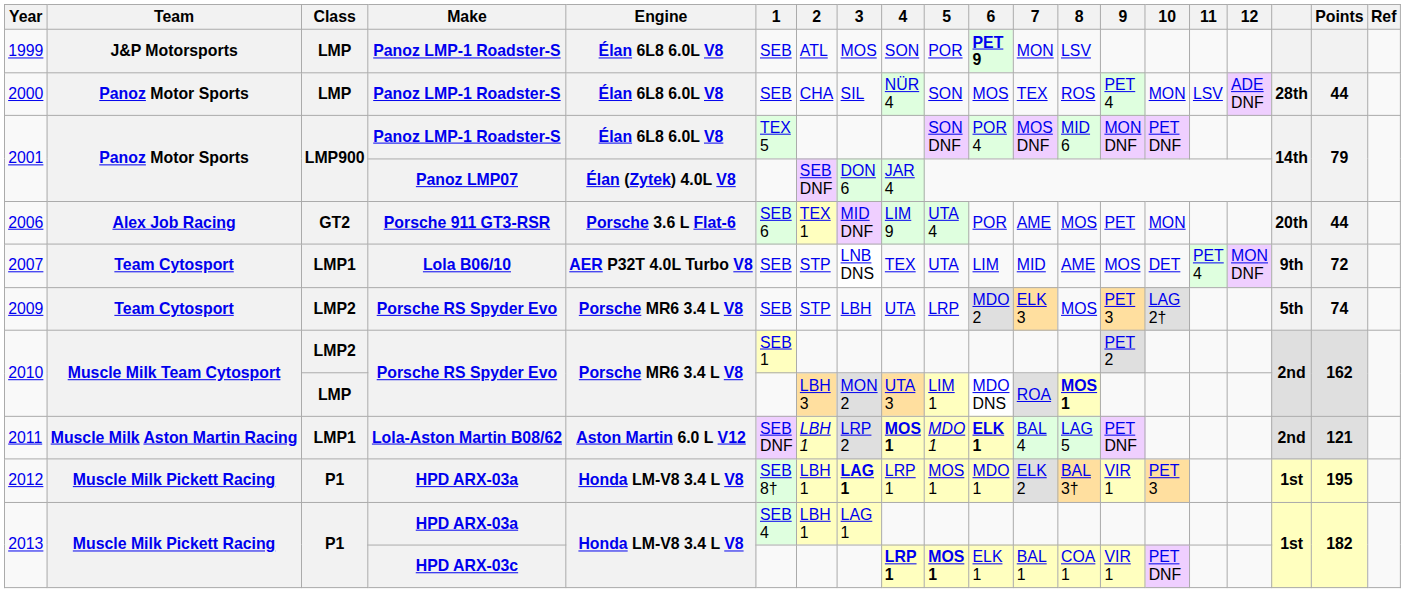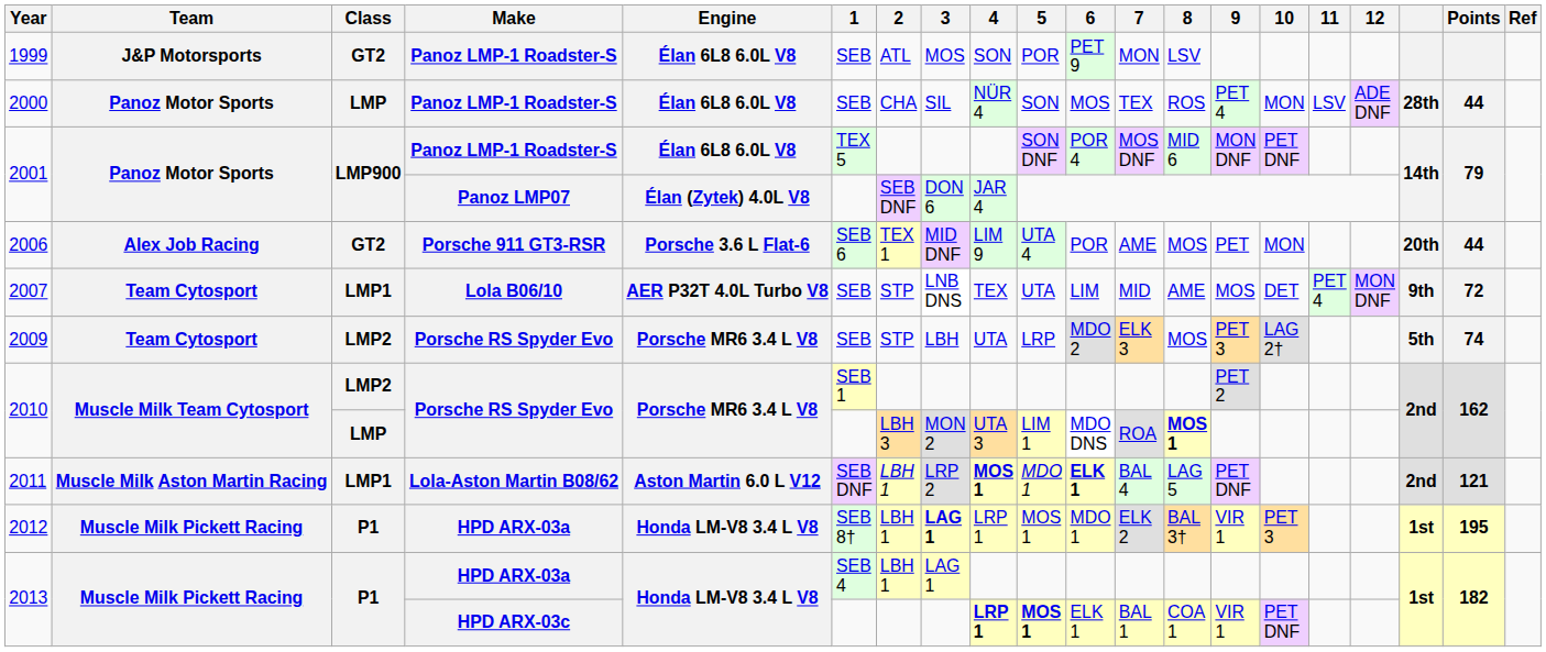 <table class="wikitable">
 <tr>
 <th>Year</th>
 <th>Team</th>
 <th>Class</th>
 <th>Make</th>
 <th>Engine</th>
 <th>1</th>
 <th>2</th>
 <th>3</th>
 <th>4</th>
 <th>5</th>
 <th>6</th>
 <th>7</th>
 <th>8</th>
 <th>9</th>
 <th>10</th>
 <th>11</th>
 <th>12</th>
 <th></th>
 <th>Points</th>
 <th>Ref</th>
 </tr>
 <tr>
 <td><a href='#'>1999</a></td>
 <th>J&P Motorsports</th>
-<th>LMP</th>
+<th>GT2</th>
 <th><a href='#'>Panoz LMP-1 Roadster-S</a></th>
 <th><a href='#'>Élan</a> 6L8 6.0L <a href='#'>V8</a></th>
 <td><a href='#'>SEB</a></td>
 <td><a href='#'>ATL</a></td>
 <td><a href='#'>MOS</a></td>
 <td><a href='#'>SON</a></td>
 <td><a href='#'>POR</a></td>
-<td style="background:#DFFFDF;"><strong><a href='#'>PET</a><br>9</strong></td>
+<td style="background:#DFFFDF;"><a href='#'>PET</a><br>9</td>
 <td><a href='#'>MON</a></td>
 <td><a href='#'>LSV</a></td>
 <td></td>
 <td></td>
 <td></td>
 <td></td>
 <th></th>
 <th></th>
 <td></td>
 </tr>
 <tr>
 <td><a href='#'>2000</a></td>
 <th><a href='#'>Panoz</a> Motor Sports</th>
 <th>LMP</th>
 <th><a href='#'>Panoz LMP-1 Roadster-S</a></th>
 <th><a href='#'>Élan</a> 6L8 6.0L <a href='#'>V8</a></th>
 <td><a href='#'>SEB</a></td>
 <td><a href='#'>CHA</a></td>
 <td><a href='#'>SIL</a></td>
 <td style="background:#DFFFDF;"><a href='#'>NÜR</a><br>4</td>
 <td><a href='#'>SON</a></td>
 <td><a href='#'>MOS</a></td>
 <td><a href='#'>TEX</a></td>
 <td><a href='#'>ROS</a></td>
 <td style="background:#DFFFDF;"><a href='#'>PET</a><br>4</td>
 <td><a href='#'>MON</a></td>
 <td><a href='#'>LSV</a></td>
 <td style="background:#EFCFFF;"><a href='#'>ADE</a><br>DNF</td>
 <th>28th</th>
 <th>44</th>
 <td></td>
 </tr>
 <tr>
 <td rowspan="2"><a href='#'>2001</a></td>
 <th rowspan="2"><a href='#'>Panoz</a> Motor Sports</th>
 <th rowspan=2>LMP900</th>
 <th><a href='#'>Panoz LMP-1 Roadster-S</a></th>
 <th><a href='#'>Élan</a> 6L8 6.0L <a href='#'>V8</a></th>
 <td style="background:#DFFFDF;"><a href='#'>TEX</a><br>5</td>
 <td></td>
 <td></td>
 <td></td>
 <td style="background:#EFCFFF;"><a href='#'>SON</a><br>DNF</td>
 <td style="background:#DFFFDF;"><a href='#'>POR</a><br>4</td>
 <td style="background:#EFCFFF;"><a href='#'>MOS</a><br>DNF</td>
 <td style="background:#DFFFDF;"><a href='#'>MID</a><br>6</td>
 <td style="background:#EFCFFF;"><a href='#'>MON</a><br>DNF</td>
 <td style="background:#EFCFFF;"><a href='#'>PET</a><br>DNF</td>
 <td></td>
 <td></td>
 <th rowspan=2>14th</th>
 <th rowspan=2>79</th>
 <td rowspan=2></td>
 </tr>
 <tr>
 <th><a href='#'>Panoz LMP07</a></th>
 <th><a href='#'>Élan</a> (<a href='#'>Zytek</a>) 4.0L <a href='#'>V8</a></th>
 <td></td>
 <td style="background:#EFCFFF;"><a href='#'>SEB</a><br>DNF</td>
 <td style="background:#DFFFDF;"><a href='#'>DON</a><br>6</td>
 <td style="background:#DFFFDF;"><a href='#'>JAR</a><br>4</td>
 </tr>
 <tr>
 <td><a href='#'>2006</a></td>
 <th><a href='#'>Alex Job Racing</a></th>
 <th>GT2</th>
 <th><a href='#'>Porsche 911 GT3-RSR</a></th>
 <th><a href='#'>Porsche</a> 3.6 L <a href='#'>Flat-6</a></th>
 <td style="background:#DFFFDF;"><a href='#'>SEB</a><br>6</td>
 <td style="background:#FFFFBF;”"><a href='#'>TEX</a><br>1</td>
 <td style="background:#EFCFFF;"><a href='#'>MID</a><br>DNF</td>
 <td style="background:#DFFFDF;"><a href='#'>LIM</a><br>9</td>
 <td style="background:#DFFFDF;"><a href='#'>UTA</a><br>4</td>
 <td><a href='#'>POR</a></td>
 <td><a href='#'>AME</a></td>
 <td><a href='#'>MOS</a></td>
 <td><a href='#'>PET</a></td>
 <td><a href='#'>MON</a></td>
 <td></td>
 <td></td>
 <th>20th</th>
 <th>44</th>
 <td></td>
 </tr>
 <tr>
 <td><a href='#'>2007</a></td>
 <th><a href='#'>Team Cytosport</a></th>
 <th>LMP1</th>
 <th><a href='#'>Lola B06/10</a></th>
 <th><a href='#'>AER</a> P32T 4.0L Turbo <a href='#'>V8</a></th>
 <td><a href='#'>SEB</a></td>
 <td><a href='#'>STP</a></td>
 <td style="background:#ffffff;”"><a href='#'>LNB</a><br>DNS</td>
 <td><a href='#'>TEX</a></td>
 <td><a href='#'>UTA</a></td>
 <td><a href='#'>LIM</a></td>
 <td><a href='#'>MID</a></td>
 <td><a href='#'>AME</a></td>
 <td><a href='#'>MOS</a></td>
 <td><a href='#'>DET</a></td>
 <td style="background:#DFFFDF;"><a href='#'>PET</a><br>4</td>
 <td style="background:#EFCFFF;"><a href='#'>MON</a><br>DNF</td>
 <th>9th</th>
 <th>72</th>
 <td></td>
 </tr>
 <tr>
 <td><a href='#'>2009</a></td>
 <th><a href='#'>Team Cytosport</a></th>
 <th>LMP2</th>
 <th><a href='#'>Porsche RS Spyder Evo</a></th>
 <th><a href='#'>Porsche</a> MR6 3.4 L <a href='#'>V8</a></th>
 <td><a href='#'>SEB</a></td>
 <td><a href='#'>STP</a></td>
 <td><a href='#'>LBH</a></td>
 <td><a href='#'>UTA</a></td>
 <td><a href='#'>LRP</a></td>
 <td style="background:#DFDFDF;”"><a href='#'>MDO</a><br>2</td>
 <td style="background:#FFDF9F;”"><a href='#'>ELK</a><br>3</td>
 <td><a href='#'>MOS</a></td>
 <td style="background:#FFDF9F;”"><a href='#'>PET</a><br>3</td>
 <td style="background:#DFDFDF;”"><a href='#'>LAG</a><br>2†</td>
 <td></td>
 <td></td>
 <th>5th</th>
 <th>74</th>
 <td></td>
 </tr>
 <tr>
 <td rowspan="2"><a href='#'>2010</a></td>
 <th rowspan="2"><a href='#'>Muscle Milk Team Cytosport</a></th>
 <th>LMP2</th>
 <th rowspan=2><a href='#'>Porsche RS Spyder Evo</a></th>
 <th rowspan=2><a href='#'>Porsche</a> MR6 3.4 L <a href='#'>V8</a></th>
 <td style="background:#FFFFBF;"><a href='#'>SEB</a><br>1</td>
 <td></td>
 <td></td>
 <td></td>
 <td></td>
 <td></td>
 <td></td>
 <td></td>
 <td style="background:#DFDFDF;"><a href='#'>PET</a><br>2</td>
 <td></td>
 <td></td>
 <td></td>
 <th rowspan=2 style="background:#DFDFDF;">2nd</th>
 <th rowspan=2 style="background:#DFDFDF;">162</th>
 <td rowspan=2></td>
 </tr>
 <tr>
 <th>LMP</th>
 <td></td>
 <td style="background:#FFDF9F;”"><a href='#'>LBH</a><br>3</td>
 <td style="background:#DFDFDF;"><a href='#'>MON</a><br>2</td>
 <td style="background:#FFDF9F;”"><a href='#'>UTA</a><br>3</td>
 <td style="background:#FFFFBF;"><a href='#'>LIM</a><br>1</td>
 <td style="background:#ffffff;”"><a href='#'>MDO</a><br>DNS</td>
 <td style="background:#DFDFDF;"><a href='#'>ROA</a><br></td>
 <td style="background:#FFFFBF;"><strong><a href='#'>MOS</a><br>1</strong></td>
 <td></td>
 <td></td>
 <td></td>
 </tr>
 <tr>
 <td><a href='#'>2011</a></td>
 <th><a href='#'>Muscle Milk</a> <a href='#'>Aston Martin Racing</a></th>
 <th>LMP1</th>
 <th><a href='#'>Lola-Aston Martin B08/62</a></th>
 <th><a href='#'>Aston Martin</a> 6.0 L <a href='#'>V12</a></th>
 <td style="background:#EFCFFF;"><a href='#'>SEB</a><br>DNF</td>
 <td style="background:#FFFFBF;"><em><a href='#'>LBH</a><br>1</em></td>
 <td style="background:#DFDFDF;"><a href='#'>LRP</a><br>2</td>
 <td style="background:#FFFFBF;"><strong><a href='#'>MOS</a><br>1</strong></td>
 <td style="background:#FFFFBF;"><em><a href='#'>MDO</a><br>1</em></td>
 <td style="background:#FFFFBF;"><strong><a href='#'>ELK</a><br>1</strong></td>
 <td style="background:#DFFFDF;"><a href='#'>BAL</a><br>4</td>
 <td style="background:#DFFFDF;"><a href='#'>LAG</a><br>5</td>
 <td style="background:#EFCFFF;"><a href='#'>PET</a><br>DNF</td>
 <td></td>
 <td></td>
 <td></td>
 <th style="background:#DFDFDF;”">2nd</th>
 <th style="background:#DFDFDF;”">121</th>
 <td></td>
 </tr>
 <tr>
 <td><a href='#'>2012</a></td>
 <th><a href='#'>Muscle Milk Pickett Racing</a></th>
 <th>P1</th>
 <th><a href='#'>HPD ARX-03a</a></th>
 <th><a href='#'>Honda</a> LM-V8 3.4 L <a href='#'>V8</a></th>
 <td style="background:#DFFFDF;"><a href='#'>SEB</a><br>8†</td>
 <td style="background:#FFFFBF;”"><a href='#'>LBH</a><br>1</td>
 <td style="background:#FFFFBF;”"><strong><a href='#'>LAG</a><br>1</strong></td>
 <td style="background:#FFFFBF;”"><a href='#'>LRP</a><br>1</td>
 <td style="background:#FFFFBF;”"><a href='#'>MOS</a><br>1</td>
 <td style="background:#FFFFBF;”"><a href='#'>MDO</a><br>1</td>
 <td style="background:#DFDFDF;”"><a href='#'>ELK</a><br>2</td>
 <td style="background:#FFDF9F;”"><a href='#'>BAL</a><br>3†</td>
 <td style="background:#FFFFBF;”"><a href='#'>VIR</a><br>1</td>
 <td style="background:#FFDF9F;”"><a href='#'>PET</a><br>3</td>
 <td></td>
 <td></td>
 <th style="background:#FFFFBF;”">1st</th>
 <th style="background:#FFFFBF;”">195</th>
 <td></td>
 </tr>
 <tr>
 <td rowspan="2"><a href='#'>2013</a></td>
 <th rowspan="2"><a href='#'>Muscle Milk Pickett Racing</a></th>
 <th rowspan="2">P1</th>
 <th><a href='#'>HPD ARX-03a</a></th>
 <th rowspan="2"><a href='#'>Honda</a> LM-V8 3.4 L <a href='#'>V8</a></th>
 <td style="background:#DFFFDF;"><a href='#'>SEB</a><br>4</td>
 <td style="background:#FFFFBF;”"><a href='#'>LBH</a><br>1</td>
 <td style="background:#FFFFBF;”"><a href='#'>LAG</a><br>1</td>
 <td></td>
 <td></td>
 <td></td>
 <td></td>
 <td></td>
 <td></td>
 <td></td>
 <td></td>
 <td></td>
 <th rowspan="2" style="background:#FFFFBF;”">1st</th>
 <th rowspan="2" style="background:#FFFFBF;”">182</th>
 <td rowspan="2"></td>
 </tr>
 <tr>
 <th><a href='#'>HPD ARX-03c</a></th>
 <td></td>
 <td></td>
 <td></td>
 <td style="background:#FFFFBF;”"><strong><a href='#'>LRP</a><br>1</strong></td>
 <td style="background:#FFFFBF;”"><strong><a href='#'>MOS</a><br>1</strong></td>
 <td style="background:#FFFFBF;”"><a href='#'>ELK</a><br>1</td>
 <td style="background:#FFFFBF;”"><a href='#'>BAL</a><br>1</td>
 <td style="background:#FFFFBF;”"><a href='#'>COA</a><br>1</td>
 <td style="background:#FFFFBF;”"><a href='#'>VIR</a><br>1</td>
 <td style="background:#EFCFFF;"><a href='#'>PET</a><br>DNF</td>
 <td></td>
 <td></td>
 </tr>
 </table>
